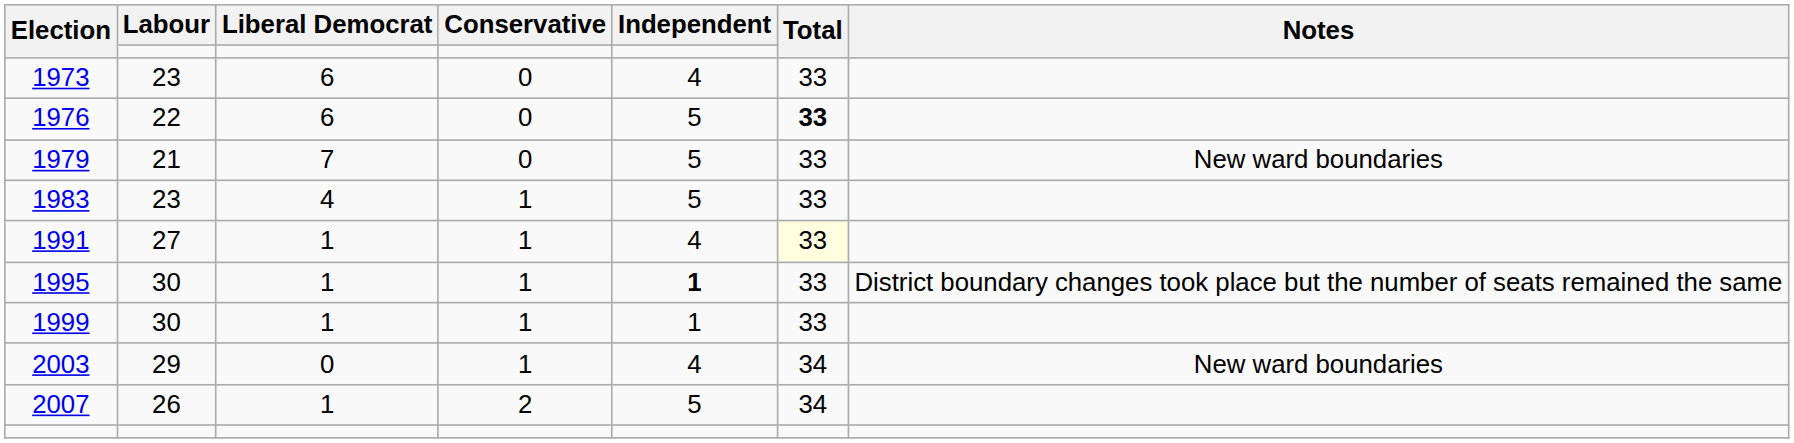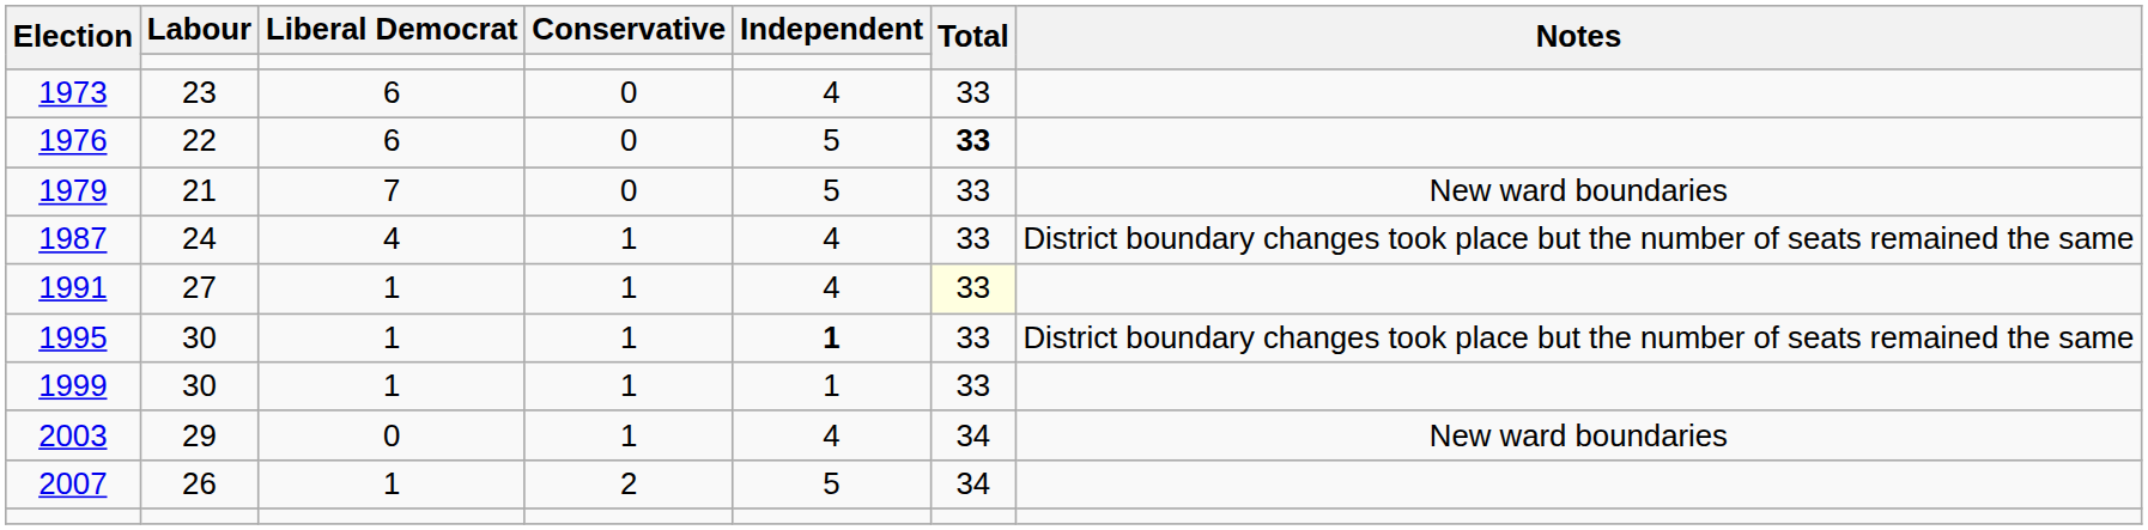 <table class="wikitable" style="text-align: center">
 <tr>
 <th rowspan="2">Election</th>
 <th>Labour</th>
 <th>Liberal Democrat</th>
 <th>Conservative</th>
 <th>Independent</th>
 <th rowspan="2">Total</th>
 <th rowspan="2">Notes</th>
 </tr>
 <tr>
 <td style="background-color: "></td>
 <td style="background-color: "></td>
 <td style="background-color: "></td>
 <td style="background-color: "></td>
 </tr>
 <tr>
 <td><a href='#'>1973</a></td>
 <td>23</td>
 <td>6</td>
 <td>0</td>
 <td>4</td>
 <td>33</td>
 <td></td>
 </tr>
 <tr>
 <td><a href='#'>1976</a></td>
 <td>22</td>
 <td>6</td>
 <td>0</td>
 <td>5</td>
 <td><strong>33</strong></td>
 <td></td>
 </tr>
 <tr>
 <td><a href='#'>1979</a></td>
 <td>21</td>
 <td>7</td>
 <td>0</td>
 <td>5</td>
 <td>33</td>
 <td>New ward boundaries</td>
 </tr>
 <tr>
-<td><a href='#'>1983</a></td>
-<td>23</td>
+<td><a href='#'>1987</a></td>
+<td>24</td>
 <td>4</td>
 <td>1</td>
-<td>5</td>
+<td>4</td>
 <td>33</td>
-<td></td>
+<td>District boundary changes took place but the number of seats remained the same</td>
 </tr>
 <tr>
 <td><a href='#'>1991</a></td>
 <td>27</td>
 <td>1</td>
 <td>1</td>
 <td>4</td>
 <td style="background: lightyellow;">33</td>
 <td></td>
 </tr>
 <tr>
 <td><a href='#'>1995</a></td>
 <td>30</td>
 <td>1</td>
 <td>1</td>
 <td><strong>1</strong></td>
 <td>33</td>
 <td>District boundary changes took place but the number of seats remained the same</td>
 </tr>
 <tr>
 <td><a href='#'>1999</a></td>
 <td>30</td>
 <td>1</td>
 <td>1</td>
 <td>1</td>
 <td>33</td>
 <td></td>
 </tr>
 <tr>
 <td><a href='#'>2003</a></td>
 <td>29</td>
 <td>0</td>
 <td>1</td>
 <td>4</td>
 <td>34</td>
 <td>New ward boundaries</td>
 </tr>
 <tr>
 <td><a href='#'>2007</a></td>
 <td>26</td>
 <td>1</td>
 <td>2</td>
 <td>5</td>
 <td>34</td>
 <td></td>
 </tr>
 <tr>
 <td></td>
 <td style="background-color: "></td>
 <td style="background-color: "></td>
 <td style="background-color: "></td>
 <td style="background-color: "></td>
 <td></td>
 <td></td>
 </tr>
 </table>
